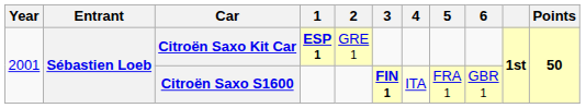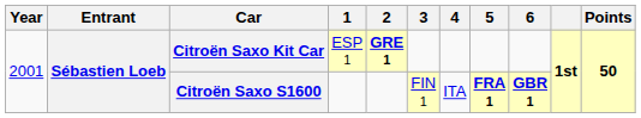 <table class="wikitable" style="text-align:center; font-size:90%;">
 <tr>
 <th>Year</th>
 <th>Entrant</th>
 <th>Car</th>
 <th>1</th>
 <th>2</th>
 <th>3</th>
 <th>4</th>
 <th>5</th>
 <th>6</th>
 <th></th>
 <th>Points</th>
 </tr>
 <tr>
 <td rowspan=2><a href='#'>2001</a></td>
 <th rowspan=2><a href='#'>Sébastien Loeb</a></th>
 <th><a href='#'>Citroën Saxo Kit Car</a></th>
-<td style="background:#ffffbf;"><strong><a href='#'>ESP</a><br><small>1</small></strong></td>
-<td style="background:#ffffbf;"><a href='#'>GRE</a><br><small>1</small></td>
+<td style="background:#ffffbf;"><a href='#'>ESP</a><br><small>1</small></td>
+<td style="background:#ffffbf;"><strong><a href='#'>GRE</a><br><small>1</small></strong></td>
 <td></td>
 <td></td>
 <td></td>
 <td></td>
 <th style="background:#ffffbf;" rowspan="2">1st</th>
 <th style="background:#ffffbf;" rowspan="2">50</th>
 </tr>
 <tr>
 <th><a href='#'>Citroën Saxo S1600</a></th>
 <td></td>
 <td></td>
-<td style="background:#ffffbf;"><strong><a href='#'>FIN</a><br><small>1</small></strong></td>
-<td style="background: lightyellow;"><a href='#'>ITA</a></td>
-<td style="background:#ffffbf;"><a href='#'>FRA</a><br><small>1</small></td>
-<td style="background:#ffffbf;"><a href='#'>GBR</a><br><small>1</small></td>
+<td style="background:#ffffbf;"><a href='#'>FIN</a><br><small>1</small></td>
+<td><a href='#'>ITA</a></td>
+<td style="background:#ffffbf;"><strong><a href='#'>FRA</a><br><small>1</small></strong></td>
+<td style="background:#ffffbf;"><strong><a href='#'>GBR</a><br><small>1</small></strong></td>
 </tr>
 </table>
